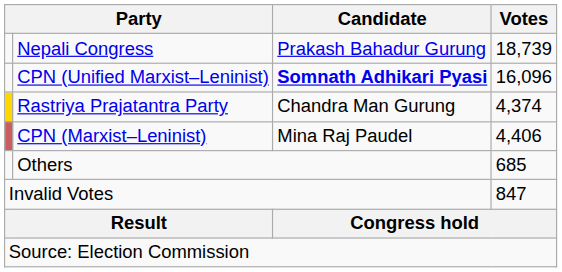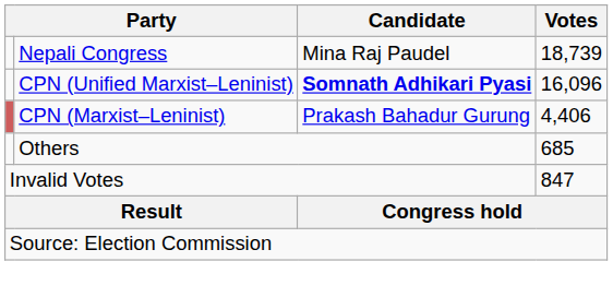 <table class="wikitable">
 <tr>
 <th colspan="2">Party</th>
 <th>Candidate</th>
 <th>Votes</th>
 </tr>
 <tr>
 <td style="background-color:"></td>
 <td><a href='#'>Nepali Congress</a></td>
-<td><a href='#'>Prakash Bahadur Gurung</a></td>
+<td>Mina Raj Paudel</td>
 <td>18,739</td>
 </tr>
 <tr>
 <td style="background-color:"></td>
 <td><a href='#'>CPN (Unified Marxist–Leninist)</a></td>
 <td><strong><a href='#'>Somnath Adhikari Pyasi</a></strong></td>
 <td>16,096</td>
 </tr>
 <tr>
-<td style="background-color:gold"></td>
-<td><a href='#'>Rastriya Prajatantra Party</a></td>
-<td>Chandra Man Gurung</td>
-<td>4,374</td>
-</tr>
-<tr>
 <td style="background-color:indianred"></td>
 <td><a href='#'>CPN (Marxist–Leninist)</a></td>
-<td>Mina Raj Paudel</td>
+<td><a href='#'>Prakash Bahadur Gurung</a></td>
 <td>4,406</td>
 </tr>
 <tr>
 <td></td>
 <td colspan="2">Others</td>
 <td>685</td>
 </tr>
 <tr>
 <td colspan="3">Invalid Votes</td>
 <td>847</td>
 </tr>
 <tr>
 <th colspan="2">Result</th>
 <th colspan="2">Congress hold</th>
 </tr>
 <tr>
 <td colspan="4">Source: Election Commission</td>
 </tr>
 </table>
